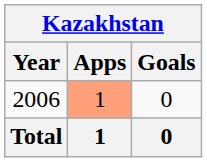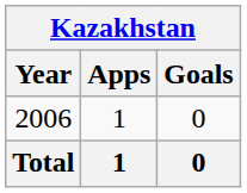 <table class="wikitable" style="text-align:center">
 <tr>
 <th colspan=3><a href='#'>Kazakhstan</a></th>
 </tr>
 <tr>
 <th>Year</th>
 <th>Apps</th>
 <th>Goals</th>
 </tr>
 <tr>
 <td>2006</td>
-<td style="background: lightsalmon;">1</td>
+<td>1</td>
 <td>0</td>
 </tr>
 <tr>
 <th>Total</th>
 <th>1</th>
 <th>0</th>
 </tr>
 </table>
